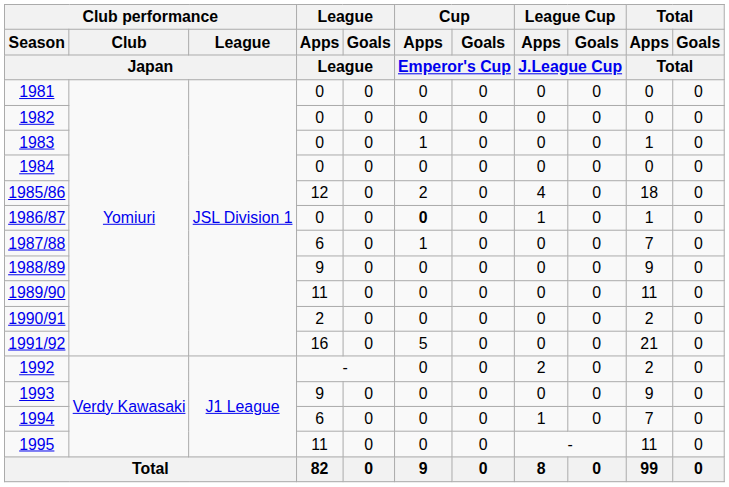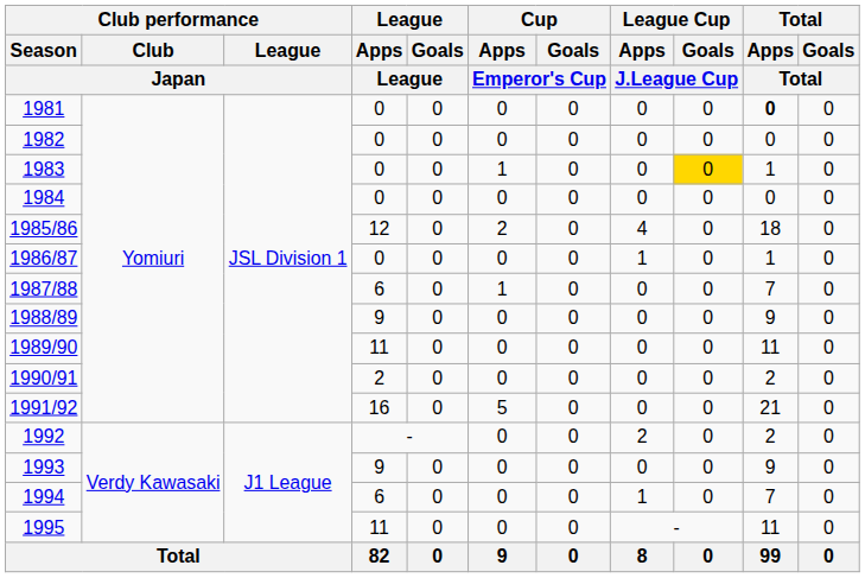 <table class="wikitable" style="text-align:center;">
 <tr>
 <th colspan=3>Club performance</th>
 <th colspan=2>League</th>
 <th colspan=2>Cup</th>
 <th colspan=2>League Cup</th>
 <th colspan=2>Total</th>
 </tr>
 <tr>
 <th>Season</th>
 <th>Club</th>
 <th>League</th>
 <th>Apps</th>
 <th>Goals</th>
 <th>Apps</th>
 <th>Goals</th>
 <th>Apps</th>
 <th>Goals</th>
 <th>Apps</th>
 <th>Goals</th>
 </tr>
 <tr>
 <th colspan=3>Japan</th>
 <th colspan=2>League</th>
 <th colspan=2><a href='#'>Emperor's Cup</a></th>
 <th colspan=2><a href='#'>J.League Cup</a></th>
 <th colspan=2>Total</th>
 </tr>
 <tr>
 <td><a href='#'>1981</a></td>
 <td rowspan="11"><a href='#'>Yomiuri</a></td>
 <td rowspan="11"><a href='#'>JSL Division 1</a></td>
 <td>0</td>
 <td>0</td>
 <td>0</td>
 <td>0</td>
 <td>0</td>
 <td>0</td>
-<td>0</td>
+<td><strong>0</strong></td>
 <td>0</td>
 </tr>
 <tr>
 <td><a href='#'>1982</a></td>
 <td>0</td>
 <td>0</td>
 <td>0</td>
 <td>0</td>
 <td>0</td>
 <td>0</td>
 <td>0</td>
 <td>0</td>
 </tr>
 <tr>
 <td><a href='#'>1983</a></td>
 <td>0</td>
 <td>0</td>
 <td>1</td>
 <td>0</td>
 <td>0</td>
-<td>0</td>
+<td style="background: gold;">0</td>
 <td>1</td>
 <td>0</td>
 </tr>
 <tr>
 <td><a href='#'>1984</a></td>
 <td>0</td>
 <td>0</td>
 <td>0</td>
 <td>0</td>
 <td>0</td>
 <td>0</td>
 <td>0</td>
 <td>0</td>
 </tr>
 <tr>
 <td><a href='#'>1985/86</a></td>
 <td>12</td>
 <td>0</td>
 <td>2</td>
 <td>0</td>
 <td>4</td>
 <td>0</td>
 <td>18</td>
 <td>0</td>
 </tr>
 <tr>
 <td><a href='#'>1986/87</a></td>
 <td>0</td>
 <td>0</td>
-<td><strong>0</strong></td>
+<td>0</td>
 <td>0</td>
 <td>1</td>
 <td>0</td>
 <td>1</td>
 <td>0</td>
 </tr>
 <tr>
 <td><a href='#'>1987/88</a></td>
 <td>6</td>
 <td>0</td>
 <td>1</td>
 <td>0</td>
 <td>0</td>
 <td>0</td>
 <td>7</td>
 <td>0</td>
 </tr>
 <tr>
 <td><a href='#'>1988/89</a></td>
 <td>9</td>
 <td>0</td>
 <td>0</td>
 <td>0</td>
 <td>0</td>
 <td>0</td>
 <td>9</td>
 <td>0</td>
 </tr>
 <tr>
 <td><a href='#'>1989/90</a></td>
 <td>11</td>
 <td>0</td>
 <td>0</td>
 <td>0</td>
 <td>0</td>
 <td>0</td>
 <td>11</td>
 <td>0</td>
 </tr>
 <tr>
 <td><a href='#'>1990/91</a></td>
 <td>2</td>
 <td>0</td>
 <td>0</td>
 <td>0</td>
 <td>0</td>
 <td>0</td>
 <td>2</td>
 <td>0</td>
 </tr>
 <tr>
 <td><a href='#'>1991/92</a></td>
 <td>16</td>
 <td>0</td>
 <td>5</td>
 <td>0</td>
 <td>0</td>
 <td>0</td>
 <td>21</td>
 <td>0</td>
 </tr>
 <tr>
 <td><a href='#'>1992</a></td>
 <td rowspan="4"><a href='#'>Verdy Kawasaki</a></td>
 <td rowspan="4"><a href='#'>J1 League</a></td>
 <td colspan="2">-</td>
 <td>0</td>
 <td>0</td>
 <td>2</td>
 <td>0</td>
 <td>2</td>
 <td>0</td>
 </tr>
 <tr>
 <td><a href='#'>1993</a></td>
 <td>9</td>
 <td>0</td>
 <td>0</td>
 <td>0</td>
 <td>0</td>
 <td>0</td>
 <td>9</td>
 <td>0</td>
 </tr>
 <tr>
 <td><a href='#'>1994</a></td>
 <td>6</td>
 <td>0</td>
 <td>0</td>
 <td>0</td>
 <td>1</td>
 <td>0</td>
 <td>7</td>
 <td>0</td>
 </tr>
 <tr>
 <td><a href='#'>1995</a></td>
 <td>11</td>
 <td>0</td>
 <td>0</td>
 <td>0</td>
 <td colspan="2">-</td>
 <td>11</td>
 <td>0</td>
 </tr>
 <tr>
 <th colspan=3>Total</th>
 <th>82</th>
 <th>0</th>
 <th>9</th>
 <th>0</th>
 <th>8</th>
 <th>0</th>
 <th>99</th>
 <th>0</th>
 </tr>
 </table>
